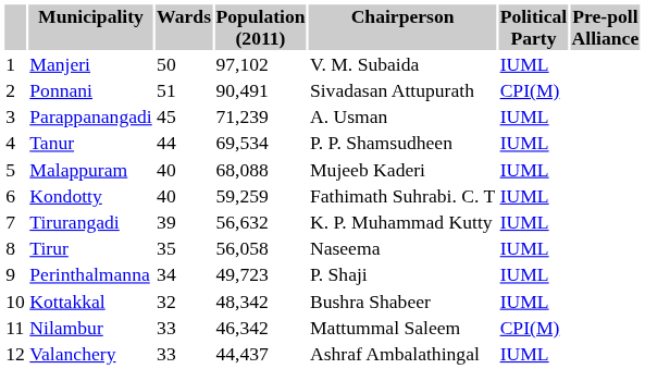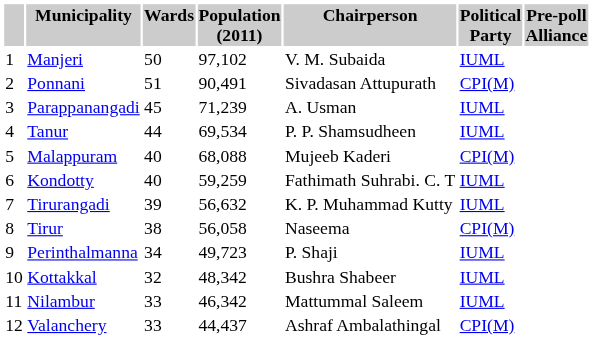 <table class="toccolours" 1" cellpadding="1" style="float:left margin-right">
 <tr style="background:#ccc; vertical-align:top;">
 <th></th>
 <th>Municipality</th>
 <th>Wards</th>
 <th>Population<br>(2011)</th>
 <th>Chairperson </th>
 <th>Political <br>Party</th>
 <th>Pre-poll<br>Alliance</th>
 </tr>
 <tr>
 <td>1</td>
 <td><a href='#'>Manjeri</a></td>
 <td>50</td>
 <td>97,102</td>
 <td>V. M. Subaida</td>
 <td style="background-color:"><a href='#'><span>IUML</span></a></td>
 <td></td>
 </tr>
 <tr>
 <td>2</td>
 <td><a href='#'>Ponnani</a></td>
 <td>51</td>
 <td>90,491</td>
 <td>Sivadasan Attupurath</td>
 <td style="background-color:"><a href='#'><span>CPI(M)</span></a></td>
 <td></td>
 </tr>
 <tr>
 <td>3</td>
 <td><a href='#'>Parappanangadi</a></td>
 <td>45</td>
 <td>71,239</td>
 <td>A. Usman</td>
 <td style="background-color:"><a href='#'><span>IUML</span></a></td>
 <td></td>
 </tr>
 <tr>
 <td>4</td>
 <td><a href='#'>Tanur</a></td>
 <td>44</td>
 <td>69,534</td>
 <td>P. P. Shamsudheen</td>
 <td style="background-color:"><a href='#'><span>IUML</span></a></td>
 <td></td>
 </tr>
 <tr>
 <td>5</td>
 <td><a href='#'>Malappuram</a></td>
 <td>40</td>
 <td>68,088</td>
 <td>Mujeeb Kaderi</td>
-<td style="background-color:"><a href='#'><span>IUML</span></a></td>
+<td style="background-color:"><a href='#'><span>CPI(M)</span></a></td>
 <td></td>
 </tr>
 <tr>
 <td>6</td>
 <td><a href='#'>Kondotty</a></td>
 <td>40</td>
 <td>59,259</td>
 <td>Fathimath Suhrabi. C. T</td>
 <td style="background-color:"><a href='#'><span>IUML</span></a></td>
 <td></td>
 </tr>
 <tr>
 <td>7</td>
 <td><a href='#'>Tirurangadi</a></td>
 <td>39</td>
 <td>56,632</td>
 <td>K. P. Muhammad Kutty</td>
 <td style="background-color:"><a href='#'><span>IUML</span></a></td>
 <td></td>
 </tr>
 <tr>
 <td>8</td>
 <td><a href='#'>Tirur</a></td>
-<td>35</td>
+<td>38</td>
 <td>56,058</td>
 <td>Naseema</td>
-<td style="background-color:"><a href='#'><span>IUML</span></a></td>
+<td style="background-color:"><a href='#'><span>CPI(M)</span></a></td>
 <td></td>
 </tr>
 <tr>
 <td>9</td>
 <td><a href='#'>Perinthalmanna</a></td>
 <td>34</td>
 <td>49,723</td>
 <td>P. Shaji</td>
 <td style="background-color:"><a href='#'><span>IUML</span></a></td>
 <td></td>
 </tr>
 <tr>
 <td>10</td>
 <td><a href='#'>Kottakkal</a></td>
 <td>32</td>
 <td>48,342</td>
 <td>Bushra Shabeer</td>
 <td style="background-color:"><a href='#'><span>IUML</span></a></td>
 <td></td>
 </tr>
 <tr>
 <td>11</td>
 <td><a href='#'>Nilambur</a></td>
 <td>33</td>
 <td>46,342</td>
 <td>Mattummal Saleem</td>
-<td style="background-color:"><a href='#'><span>CPI(M)</span></a></td>
+<td style="background-color:"><a href='#'><span>IUML</span></a></td>
 <td></td>
 </tr>
 <tr>
 <td>12</td>
 <td><a href='#'>Valanchery</a></td>
 <td>33</td>
 <td>44,437</td>
 <td>Ashraf Ambalathingal</td>
-<td style="background-color:"><a href='#'><span>IUML</span></a></td>
+<td style="background-color:"><a href='#'><span>CPI(M)</span></a></td>
 <td></td>
 </tr>
 </table>
